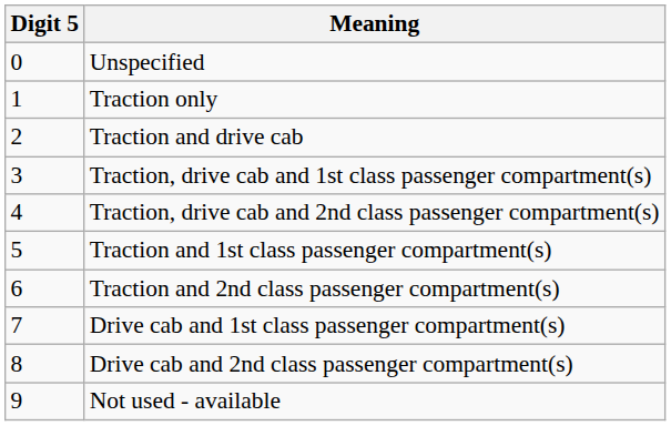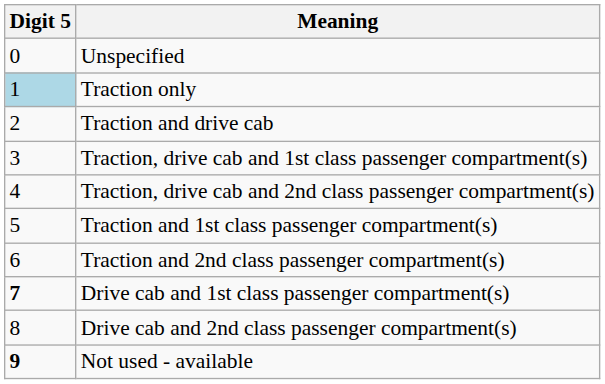 <table class="wikitable">
 <tr>
 <th>Digit 5</th>
 <th>Meaning</th>
 </tr>
 <tr>
 <td>0</td>
 <td>Unspecified</td>
 </tr>
 <tr>
-<td>1</td>
+<td style="background: lightblue;">1</td>
 <td>Traction only</td>
 </tr>
 <tr>
 <td>2</td>
 <td>Traction and drive cab</td>
 </tr>
 <tr>
 <td>3</td>
 <td>Traction, drive cab and 1st class passenger compartment(s)</td>
 </tr>
 <tr>
 <td>4</td>
 <td>Traction, drive cab and 2nd class passenger compartment(s)</td>
 </tr>
 <tr>
 <td>5</td>
 <td>Traction and 1st class passenger compartment(s)</td>
 </tr>
 <tr>
 <td>6</td>
 <td>Traction and 2nd class passenger compartment(s)</td>
 </tr>
 <tr>
-<td>7</td>
+<td><strong>7</strong></td>
 <td>Drive cab and 1st class passenger compartment(s)</td>
 </tr>
 <tr>
 <td>8</td>
 <td>Drive cab and 2nd class passenger compartment(s)</td>
 </tr>
 <tr>
-<td>9</td>
+<td><strong>9</strong></td>
 <td>Not used - available</td>
 </tr>
 </table>
